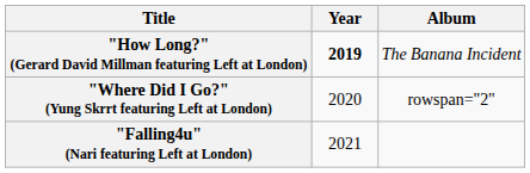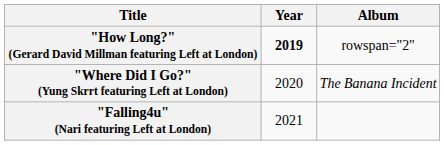 <table class="wikitable plainrowheaders" style="text-align:center;">
 <tr>
 <th scope="col" style="width:18em;">Title</th>
 <th scope="col" style="width:3.5em;">Year</th>
 <th scope="col">Album</th>
 </tr>
 <tr>
 <th scope="row">"How Long?"<br><small>(Gerard David Millman featuring Left at London)</small></th>
 <td><strong>2019</strong></td>
-<td><em>The Banana Incident</em></td>
+<td>rowspan="2" </td>
 </tr>
 <tr>
 <th scope="row">"Where Did I Go?"<br><small>(Yung Skrrt featuring Left at London)</small></th>
 <td>2020</td>
-<td>rowspan="2" </td>
+<td><em>The Banana Incident</em></td>
 </tr>
 <tr>
 <th scope="row">"Falling4u"<br><small>(Nari featuring Left at London)</small></th>
 <td>2021</td>
 </tr>
 </table>
